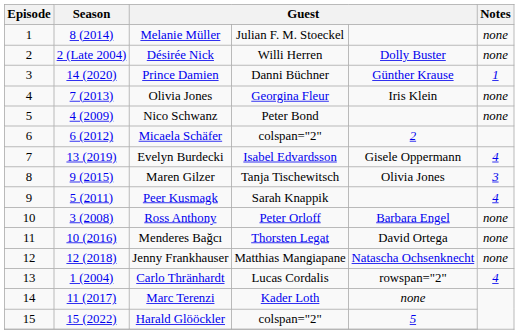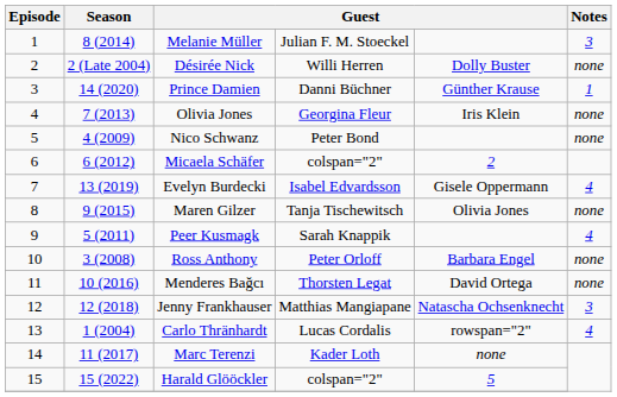 <table class="wikitable" style="text-align:center">
 <tr>
 <th>Episode</th>
 <th>Season</th>
 <th colspan="3">Guest</th>
 <th>Notes</th>
 </tr>
 <tr>
 <td>1</td>
 <td><a href='#'>8 (2014)</a></td>
 <td><a href='#'>Melanie Müller</a></td>
 <td>Julian F. M. Stoeckel</td>
 <td></td>
-<td><em>none</em></td>
+<td><em><a href='#'>3</a></em></td>
 </tr>
 <tr>
 <td>2</td>
 <td><a href='#'>2 (Late 2004)</a></td>
 <td><a href='#'>Désirée Nick</a></td>
 <td>Willi Herren</td>
 <td><a href='#'>Dolly Buster</a></td>
 <td><em>none</em></td>
 </tr>
 <tr>
 <td>3</td>
 <td><a href='#'>14 (2020)</a></td>
 <td><a href='#'>Prince Damien</a></td>
 <td>Danni Büchner</td>
 <td><a href='#'>Günther Krause</a></td>
 <td><em><a href='#'>1</a></em></td>
 </tr>
 <tr>
 <td>4</td>
 <td><a href='#'>7 (2013)</a></td>
 <td>Olivia Jones</td>
 <td><a href='#'>Georgina Fleur</a></td>
 <td>Iris Klein</td>
 <td><em>none</em></td>
 </tr>
 <tr>
 <td>5</td>
 <td><a href='#'>4 (2009)</a></td>
 <td>Nico Schwanz</td>
 <td>Peter Bond</td>
 <td></td>
 <td><em>none</em></td>
 </tr>
 <tr>
 <td>6</td>
 <td><a href='#'>6 (2012)</a></td>
 <td><a href='#'>Micaela Schäfer</a></td>
 <td>colspan="2" </td>
 <td><em><a href='#'>2</a></em></td>
 </tr>
 <tr>
 <td>7</td>
 <td><a href='#'>13 (2019)</a></td>
 <td>Evelyn Burdecki</td>
 <td><a href='#'>Isabel Edvardsson</a></td>
 <td>Gisele Oppermann</td>
 <td><em><a href='#'>4</a></em></td>
 </tr>
 <tr>
 <td>8</td>
 <td><a href='#'>9 (2015)</a></td>
 <td>Maren Gilzer</td>
 <td>Tanja Tischewitsch</td>
 <td>Olivia Jones</td>
-<td><em><a href='#'>3</a></em></td>
+<td><em>none</em></td>
 </tr>
 <tr>
 <td>9</td>
 <td><a href='#'>5 (2011)</a></td>
 <td><a href='#'>Peer Kusmagk</a></td>
 <td>Sarah Knappik</td>
 <td></td>
 <td><em><a href='#'>4</a></em></td>
 </tr>
 <tr>
 <td>10</td>
 <td><a href='#'>3 (2008)</a></td>
 <td><a href='#'>Ross Anthony</a></td>
 <td><a href='#'>Peter Orloff</a></td>
 <td><a href='#'>Barbara Engel</a></td>
 <td><em>none</em></td>
 </tr>
 <tr>
 <td>11</td>
 <td><a href='#'>10 (2016)</a></td>
 <td>Menderes Bağcı</td>
 <td><a href='#'>Thorsten Legat</a></td>
 <td>David Ortega</td>
 <td><em>none</em></td>
 </tr>
 <tr>
 <td>12</td>
 <td><a href='#'>12 (2018)</a></td>
 <td>Jenny Frankhauser</td>
 <td>Matthias Mangiapane</td>
 <td><a href='#'>Natascha Ochsenknecht</a></td>
-<td><em>none</em></td>
+<td><em><a href='#'>3</a></em></td>
 </tr>
 <tr>
 <td>13</td>
 <td><a href='#'>1 (2004)</a></td>
 <td><a href='#'>Carlo Thränhardt</a></td>
 <td>Lucas Cordalis</td>
 <td>rowspan="2" </td>
 <td><em><a href='#'>4</a></em></td>
 </tr>
 <tr>
 <td>14</td>
 <td><a href='#'>11 (2017)</a></td>
 <td><a href='#'>Marc Terenzi</a></td>
 <td><a href='#'>Kader Loth</a></td>
 <td><em>none</em></td>
 </tr>
 <tr>
 <td>15</td>
 <td><a href='#'>15 (2022)</a></td>
 <td><a href='#'>Harald Glööckler</a></td>
 <td>colspan="2" </td>
 <td><em><a href='#'>5</a></em></td>
 </tr>
 <tr>
 </tr>
 </table>
